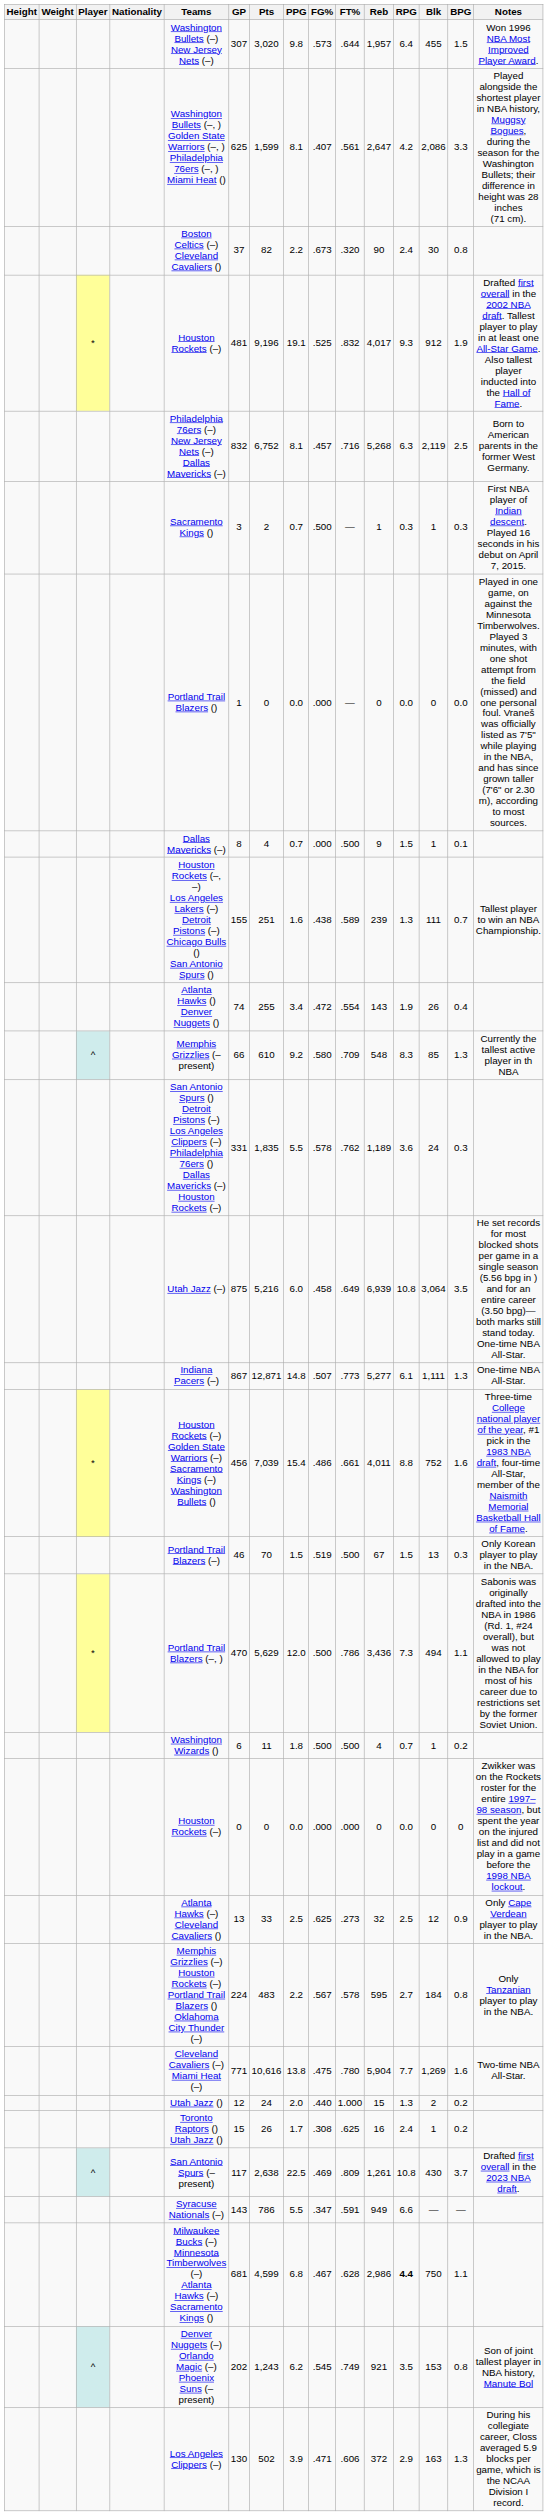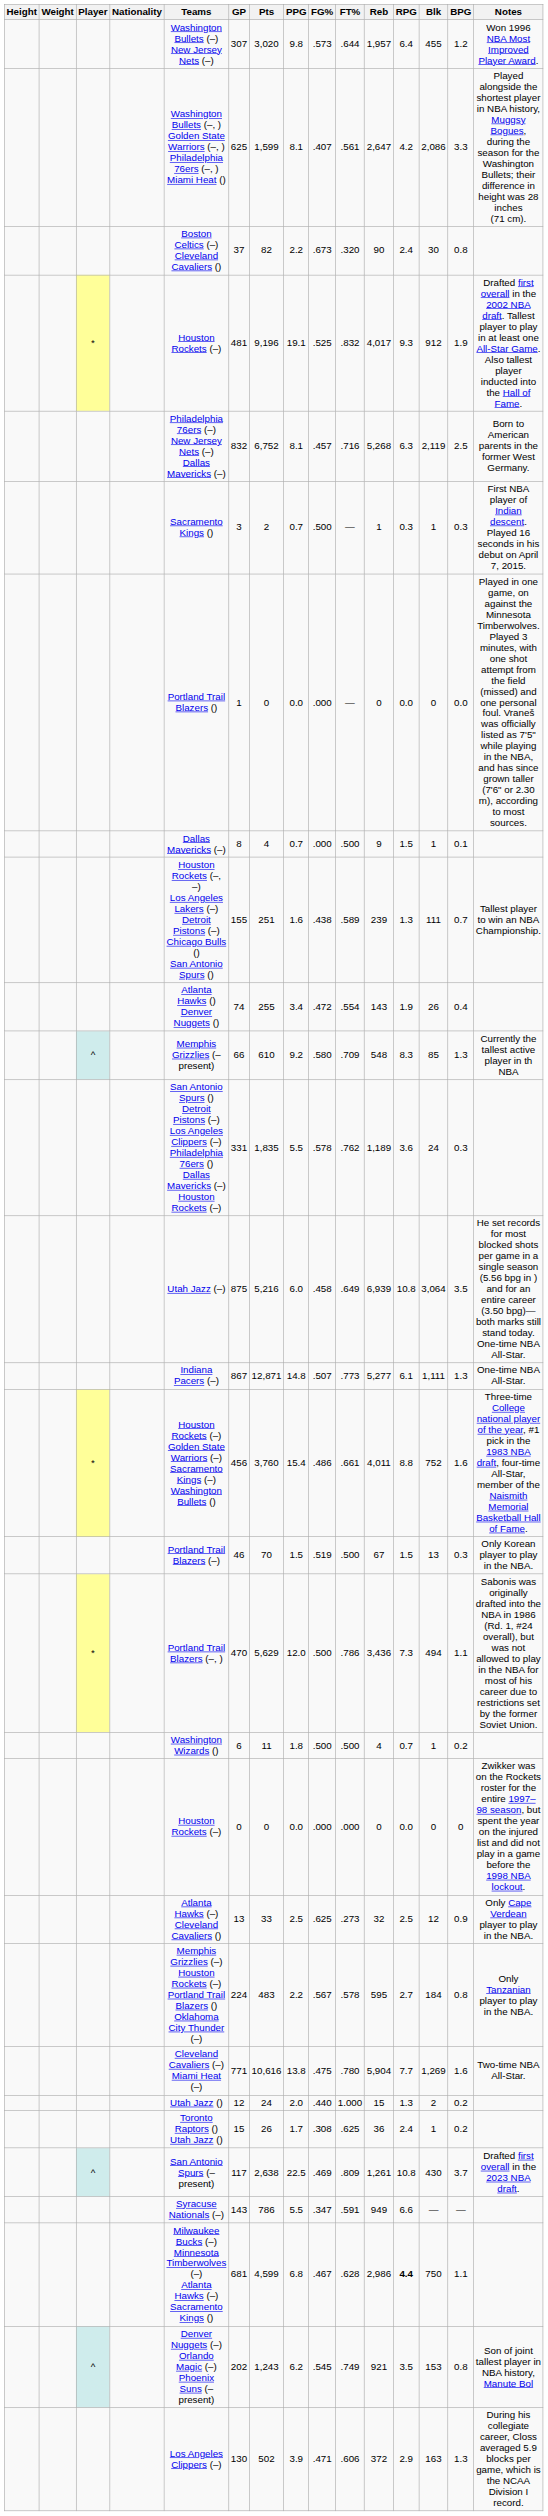 <table class="wikitable sortable" style="text-align:center">
 <tr>
 <th>Height</th>
 <th>Weight</th>
 <th>Player</th>
 <th>Nationality</th>
 <th>Teams</th>
 <th>GP</th>
 <th>Pts</th>
 <th>PPG</th>
 <th>FG%</th>
 <th>FT%</th>
 <th>Reb</th>
 <th>RPG</th>
 <th>Blk</th>
 <th>BPG</th>
 <th class="unsortable">Notes</th>
 </tr>
 <tr>
 <td></td>
 <td></td>
 <td></td>
 <td> <br> </td>
 <td><a href='#'>Washington Bullets</a> (–) <br>  <a href='#'>New Jersey Nets</a> (–)</td>
 <td>307</td>
 <td>3,020</td>
 <td>9.8</td>
 <td>.573</td>
 <td>.644</td>
 <td>1,957</td>
 <td>6.4</td>
 <td>455</td>
-<td>1.5</td>
+<td>1.2</td>
 <td>Won 1996 <a href='#'>NBA Most Improved Player Award</a>.</td>
 </tr>
 <tr>
 <td></td>
 <td></td>
 <td></td>
 <td></td>
 <td><a href='#'>Washington Bullets</a> (–, ) <br> <a href='#'>Golden State Warriors</a> (–, ) <br> <a href='#'>Philadelphia 76ers</a> (–, ) <br> <a href='#'>Miami Heat</a> ()</td>
 <td>625</td>
 <td>1,599</td>
 <td>8.1</td>
 <td>.407</td>
 <td>.561</td>
 <td>2,647</td>
 <td>4.2</td>
 <td>2,086</td>
 <td>3.3</td>
 <td>Played alongside the shortest player in NBA history, <a href='#'>Muggsy Bogues</a>, during the  season for the Washington Bullets; their difference in height was 28 inches (71 cm).</td>
 </tr>
 <tr>
 <td></td>
 <td></td>
 <td></td>
 <td></td>
 <td><a href='#'>Boston Celtics</a> (–)<br><a href='#'>Cleveland Cavaliers</a> ()</td>
 <td>37</td>
 <td>82</td>
 <td>2.2</td>
 <td>.673</td>
 <td>.320</td>
 <td>90</td>
 <td>2.4</td>
 <td>30</td>
 <td>0.8</td>
 <td></td>
 </tr>
 <tr>
 <td></td>
 <td></td>
 <td bgcolor="FFFF99">*</td>
 <td></td>
 <td><a href='#'>Houston Rockets</a> (–)</td>
 <td>481</td>
 <td>9,196</td>
 <td>19.1</td>
 <td>.525</td>
 <td>.832</td>
 <td>4,017</td>
 <td>9.3</td>
 <td>912</td>
 <td>1.9</td>
 <td>Drafted <a href='#'>first overall</a> in the <a href='#'>2002 NBA draft</a>. Tallest player to play in at least one <a href='#'>All-Star Game</a>. Also tallest player inducted into the <a href='#'>Hall of Fame</a>.</td>
 </tr>
 <tr>
 <td></td>
 <td></td>
 <td></td>
 <td> <br> </td>
 <td><a href='#'>Philadelphia 76ers</a> (–) <br> <a href='#'>New Jersey Nets</a> (–) <br> <a href='#'>Dallas Mavericks</a> (–)</td>
 <td>832</td>
 <td>6,752</td>
 <td>8.1</td>
 <td>.457</td>
 <td>.716</td>
 <td>5,268</td>
 <td>6.3</td>
 <td>2,119</td>
 <td>2.5</td>
 <td>Born to American parents in the former West Germany.</td>
 </tr>
 <tr>
 <td></td>
 <td></td>
 <td></td>
 <td></td>
 <td><a href='#'>Sacramento Kings</a> ()</td>
 <td>3</td>
 <td>2</td>
 <td>0.7</td>
 <td>.500</td>
 <td>—</td>
 <td>1</td>
 <td>0.3</td>
 <td>1</td>
 <td>0.3</td>
 <td>First NBA player of <a href='#'>Indian descent</a>. Played 16 seconds in his debut on April 7, 2015.</td>
 </tr>
 <tr>
 <td></td>
 <td></td>
 <td></td>
 <td></td>
 <td><a href='#'>Portland Trail Blazers</a> ()</td>
 <td>1</td>
 <td>0</td>
 <td>0.0</td>
 <td>.000</td>
 <td>—</td>
 <td>0</td>
 <td>0.0</td>
 <td>0</td>
 <td>0.0</td>
 <td>Played in one game, on  against the Minnesota Timberwolves.  Played 3 minutes, with one shot attempt from the field (missed) and one personal foul.  Vraneš was officially listed as 7'5" while playing in the NBA, and has since grown taller (7'6" or 2.30 m), according to most sources.</td>
 </tr>
 <tr>
 <td></td>
 <td></td>
 <td></td>
 <td></td>
 <td><a href='#'>Dallas Mavericks</a> (–)</td>
 <td>8</td>
 <td>4</td>
 <td>0.7</td>
 <td>.000</td>
 <td>.500</td>
 <td>9</td>
 <td>1.5</td>
 <td>1</td>
 <td>0.1</td>
 <td></td>
 </tr>
 <tr>
 <td></td>
 <td></td>
 <td></td>
 <td></td>
 <td><a href='#'>Houston Rockets</a> (–, –) <br> <a href='#'>Los Angeles Lakers</a> (–) <br> <a href='#'>Detroit Pistons</a> (–) <br> <a href='#'>Chicago Bulls</a> () <br> <a href='#'>San Antonio Spurs</a> ()</td>
 <td>155</td>
 <td>251</td>
 <td>1.6</td>
 <td>.438</td>
 <td>.589</td>
 <td>239</td>
 <td>1.3</td>
 <td>111</td>
 <td>0.7</td>
 <td>Tallest player to win an NBA Championship.</td>
 </tr>
 <tr>
 <td></td>
 <td></td>
 <td></td>
 <td> <br> </td>
 <td><a href='#'>Atlanta Hawks</a> () <br> <a href='#'>Denver Nuggets</a> ()</td>
 <td>74</td>
 <td>255</td>
 <td>3.4</td>
 <td>.472</td>
 <td>.554</td>
 <td>143</td>
 <td>1.9</td>
 <td>26</td>
 <td>0.4</td>
 <td></td>
 </tr>
 <tr>
 <td></td>
 <td></td>
 <td bgcolor="CFECEC">^</td>
 <td></td>
 <td><a href='#'>Memphis Grizzlies</a> (–present)</td>
 <td>66</td>
 <td>610</td>
 <td>9.2</td>
 <td>.580</td>
 <td>.709</td>
 <td>548</td>
 <td>8.3</td>
 <td>85</td>
 <td>1.3</td>
 <td>Currently the tallest active player in th NBA</td>
 </tr>
 <tr>
 <td></td>
 <td></td>
 <td></td>
 <td></td>
 <td><a href='#'>San Antonio Spurs</a> ()<br><a href='#'>Detroit Pistons</a> (–)<br><a href='#'>Los Angeles Clippers</a> (–)<br><a href='#'>Philadelphia 76ers</a> ()<br><a href='#'>Dallas Mavericks</a> (–)<br><a href='#'>Houston Rockets</a> (–)</td>
 <td>331</td>
 <td>1,835</td>
 <td>5.5</td>
 <td>.578</td>
 <td>.762</td>
 <td>1,189</td>
 <td>3.6</td>
 <td>24</td>
 <td>0.3</td>
 <td></td>
 </tr>
 <tr>
 <td></td>
 <td></td>
 <td></td>
 <td></td>
 <td><a href='#'>Utah Jazz</a> (–)</td>
 <td>875</td>
 <td>5,216</td>
 <td>6.0</td>
 <td>.458</td>
 <td>.649</td>
 <td>6,939</td>
 <td>10.8</td>
 <td>3,064</td>
 <td>3.5</td>
 <td>He set records for most blocked shots per game in a single season (5.56 bpg in ) and for an entire career (3.50 bpg)—both marks still stand today. One-time NBA All-Star.</td>
 </tr>
 <tr>
 <td></td>
 <td></td>
 <td></td>
 <td></td>
 <td><a href='#'>Indiana Pacers</a> (–)</td>
 <td>867</td>
 <td>12,871</td>
 <td>14.8</td>
 <td>.507</td>
 <td>.773</td>
 <td>5,277</td>
 <td>6.1</td>
 <td>1,111</td>
 <td>1.3</td>
 <td>One-time NBA All-Star.</td>
 </tr>
 <tr>
 <td></td>
 <td></td>
 <td bgcolor="FFFF99">*</td>
 <td></td>
 <td><a href='#'>Houston Rockets</a> (–) <br> <a href='#'>Golden State Warriors</a> (–) <br> <a href='#'>Sacramento Kings</a> (–) <br> <a href='#'>Washington Bullets</a> ()</td>
 <td>456</td>
-<td>7,039</td>
+<td>3,760</td>
 <td>15.4</td>
 <td>.486</td>
 <td>.661</td>
 <td>4,011</td>
 <td>8.8</td>
 <td>752</td>
 <td>1.6</td>
 <td>Three-time <a href='#'>College national player of the year</a>, #1 pick in the <a href='#'>1983 NBA draft</a>, four-time All-Star, member of the <a href='#'>Naismith Memorial Basketball Hall of Fame</a>.</td>
 </tr>
 <tr>
 <td></td>
 <td></td>
 <td></td>
 <td></td>
 <td><a href='#'>Portland Trail Blazers</a> (–)</td>
 <td>46</td>
 <td>70</td>
 <td>1.5</td>
 <td>.519</td>
 <td>.500</td>
 <td>67</td>
 <td>1.5</td>
 <td>13</td>
 <td>0.3</td>
 <td>Only Korean player to play in the NBA.</td>
 </tr>
 <tr>
 <td></td>
 <td></td>
 <td bgcolor="FFFF99">*</td>
 <td></td>
 <td><a href='#'>Portland Trail Blazers</a> (–, )</td>
 <td>470</td>
 <td>5,629</td>
 <td>12.0</td>
 <td>.500</td>
 <td>.786</td>
 <td>3,436</td>
 <td>7.3</td>
 <td>494</td>
 <td>1.1</td>
 <td>Sabonis was originally drafted into the NBA in 1986 (Rd. 1, #24 overall), but was not allowed to play in the NBA for most of his career due to restrictions set by the former Soviet Union.</td>
 </tr>
 <tr>
 <td></td>
 <td></td>
 <td></td>
 <td></td>
 <td><a href='#'>Washington Wizards</a> ()</td>
 <td>6</td>
 <td>11</td>
 <td>1.8</td>
 <td>.500</td>
 <td>.500</td>
 <td>4</td>
 <td>0.7</td>
 <td>1</td>
 <td>0.2</td>
 <td></td>
 </tr>
 <tr>
 <td></td>
 <td></td>
 <td></td>
 <td></td>
 <td><a href='#'>Houston Rockets</a> (–)</td>
 <td>0</td>
 <td>0</td>
 <td>0.0</td>
 <td>.000</td>
 <td>.000</td>
 <td>0</td>
 <td>0.0</td>
 <td>0</td>
 <td>0</td>
 <td>Zwikker was on the Rockets roster for the entire <a href='#'>1997–98 season</a>, but spent the year on the injured list and did not play in a game before the <a href='#'>1998 NBA lockout</a>.</td>
 </tr>
 <tr>
 <td></td>
 <td></td>
 <td></td>
 <td></td>
 <td><a href='#'>Atlanta Hawks</a> (–)<br><a href='#'>Cleveland Cavaliers</a> ()</td>
 <td>13</td>
 <td>33</td>
 <td>2.5</td>
 <td>.625</td>
 <td>.273</td>
 <td>32</td>
 <td>2.5</td>
 <td>12</td>
 <td>0.9</td>
 <td>Only <a href='#'>Cape Verdean</a> player to play in the NBA.</td>
 </tr>
 <tr>
 <td></td>
 <td></td>
 <td></td>
 <td></td>
 <td><a href='#'>Memphis Grizzlies</a> (–) <br> <a href='#'>Houston Rockets</a> (–) <br> <a href='#'>Portland Trail Blazers</a> () <br> <a href='#'>Oklahoma City Thunder</a> (–)</td>
 <td>224</td>
 <td>483</td>
 <td>2.2</td>
 <td>.567</td>
 <td>.578</td>
 <td>595</td>
 <td>2.7</td>
 <td>184</td>
 <td>0.8</td>
 <td>Only <a href='#'>Tanzanian</a> player to play in the NBA.</td>
 </tr>
 <tr>
 <td></td>
 <td></td>
 <td></td>
 <td></td>
 <td><a href='#'>Cleveland Cavaliers</a> (–) <br> <a href='#'>Miami Heat</a> (–)</td>
 <td>771</td>
 <td>10,616</td>
 <td>13.8</td>
 <td>.475</td>
 <td>.780</td>
 <td>5,904</td>
 <td>7.7</td>
 <td>1,269</td>
 <td>1.6</td>
 <td>Two-time NBA All-Star.</td>
 </tr>
 <tr>
 <td></td>
 <td></td>
 <td></td>
 <td></td>
 <td><a href='#'>Utah Jazz</a> ()</td>
 <td>12</td>
 <td>24</td>
 <td>2.0</td>
 <td>.440</td>
 <td>1.000</td>
 <td>15</td>
 <td>1.3</td>
 <td>2</td>
 <td>0.2</td>
 <td></td>
 </tr>
 <tr>
 <td></td>
 <td></td>
 <td></td>
 <td><br></td>
 <td><a href='#'>Toronto Raptors</a> () <br> <a href='#'>Utah Jazz</a> ()</td>
 <td>15</td>
 <td>26</td>
 <td>1.7</td>
 <td>.308</td>
 <td>.625</td>
-<td>16</td>
+<td>36</td>
 <td>2.4</td>
 <td>1</td>
 <td>0.2</td>
 <td></td>
 </tr>
 <tr>
 <td></td>
 <td></td>
 <td bgcolor="CFECEC">^</td>
 <td></td>
 <td><a href='#'>San Antonio Spurs</a> (–present)</td>
 <td>117</td>
 <td>2,638</td>
 <td>22.5</td>
 <td>.469</td>
 <td>.809</td>
 <td>1,261</td>
 <td>10.8</td>
 <td>430</td>
 <td>3.7</td>
 <td>Drafted <a href='#'>first overall</a> in the <a href='#'>2023 NBA draft</a>.</td>
 </tr>
 <tr>
 <td></td>
 <td></td>
 <td></td>
 <td></td>
 <td><a href='#'>Syracuse Nationals</a> (–)</td>
 <td>143</td>
 <td>786</td>
 <td>5.5</td>
 <td>.347</td>
 <td>.591</td>
 <td>949</td>
 <td>6.6</td>
 <td>—</td>
 <td>—</td>
 <td></td>
 </tr>
 <tr>
 <td></td>
 <td></td>
 <td></td>
 <td></td>
 <td><a href='#'>Milwaukee Bucks</a> (–) <br> <a href='#'>Minnesota Timberwolves</a> (–) <br> <a href='#'>Atlanta Hawks</a> (–) <br> <a href='#'>Sacramento Kings</a> ()</td>
 <td>681</td>
 <td>4,599</td>
 <td>6.8</td>
 <td>.467</td>
 <td>.628</td>
 <td>2,986</td>
 <td><strong>4.4</strong></td>
 <td>750</td>
 <td>1.1</td>
 <td></td>
 </tr>
 <tr>
 <td></td>
 <td></td>
 <td bgcolor="CFECEC">^</td>
 <td></td>
 <td><a href='#'>Denver Nuggets</a> (–)<br><a href='#'>Orlando Magic</a> (–)<br><a href='#'>Phoenix Suns</a> (–present)</td>
 <td>202</td>
 <td>1,243</td>
 <td>6.2</td>
 <td>.545</td>
 <td>.749</td>
 <td>921</td>
 <td>3.5</td>
 <td>153</td>
 <td>0.8</td>
 <td>Son of joint tallest player in NBA history, <a href='#'>Manute Bol</a></td>
 </tr>
 <tr>
 <td></td>
 <td></td>
 <td></td>
 <td></td>
 <td><a href='#'>Los Angeles Clippers</a> (–)</td>
 <td>130</td>
 <td>502</td>
 <td>3.9</td>
 <td>.471</td>
 <td>.606</td>
 <td>372</td>
 <td>2.9</td>
 <td>163</td>
 <td>1.3</td>
 <td>During his collegiate career, Closs averaged 5.9 blocks per game, which is the NCAA Division I record.</td>
 </tr>
 </table>
